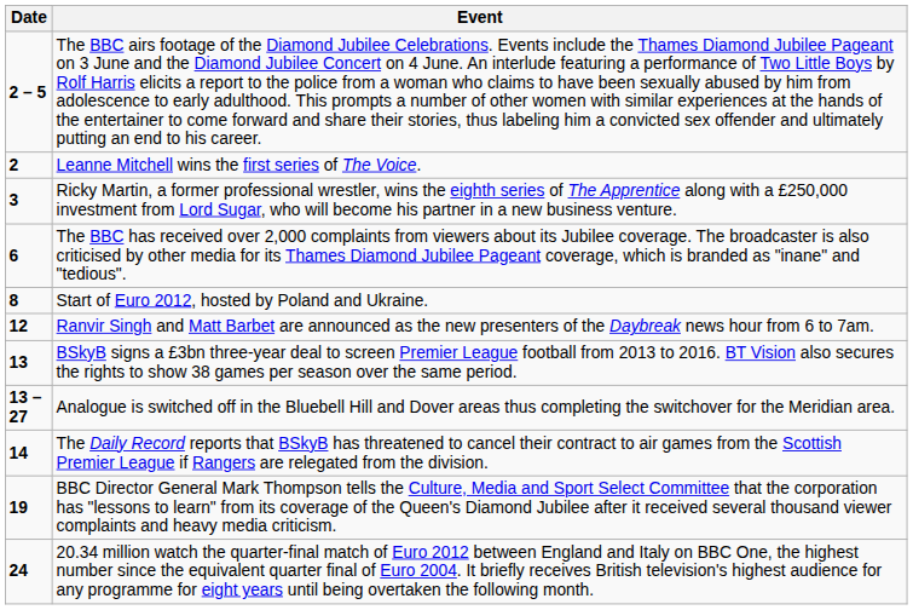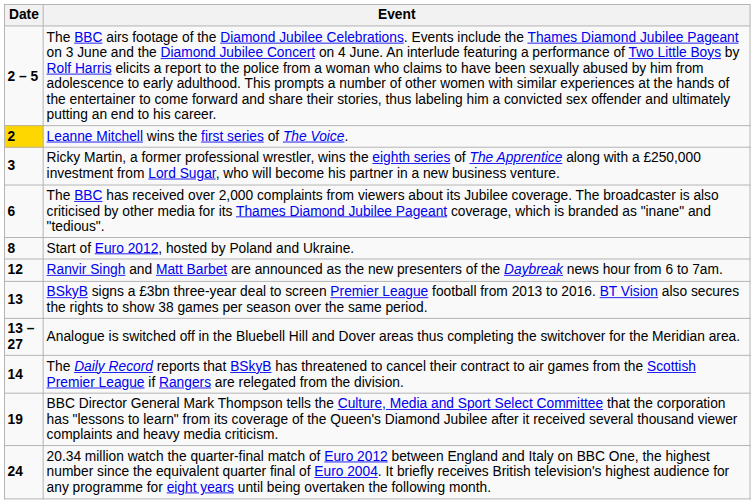 <table class="wikitable">
 <tr>
 <th>Date</th>
 <th>Event</th>
 </tr>
 <tr>
 <td><strong>2 – 5</strong></td>
 <td>The <a href='#'>BBC</a> airs footage of the <a href='#'>Diamond Jubilee Celebrations</a>. Events include the <a href='#'>Thames Diamond Jubilee Pageant</a> on 3 June and the <a href='#'>Diamond Jubilee Concert</a> on 4 June. An interlude featuring a performance of <a href='#'>Two Little Boys</a> by <a href='#'>Rolf Harris</a> elicits a report to the police from a woman who claims to have been sexually abused by him from adolescence to early adulthood. This prompts a number of other women with similar experiences at the hands of the entertainer to come forward and share their stories, thus labeling him a convicted sex offender and ultimately putting an end to his career.</td>
 </tr>
 <tr>
-<td><strong>2</strong></td>
+<td style="background: gold;"><strong>2</strong></td>
 <td><a href='#'>Leanne Mitchell</a> wins the <a href='#'>first series</a> of <em><a href='#'>The Voice</a></em>.</td>
 </tr>
 <tr>
 <td><strong>3</strong></td>
 <td>Ricky Martin, a former professional wrestler, wins the <a href='#'>eighth series</a> of <em><a href='#'>The Apprentice</a></em> along with a £250,000 investment from <a href='#'>Lord Sugar</a>, who will become his partner in a new business venture.</td>
 </tr>
 <tr>
 <td><strong>6</strong></td>
 <td>The <a href='#'>BBC</a> has received over 2,000 complaints from viewers about its Jubilee coverage. The broadcaster is also criticised by other media for its <a href='#'>Thames Diamond Jubilee Pageant</a> coverage, which is branded as "inane" and "tedious".</td>
 </tr>
 <tr>
 <td><strong>8</strong></td>
 <td>Start of <a href='#'>Euro 2012</a>, hosted by Poland and Ukraine.</td>
 </tr>
 <tr>
 <td><strong>12</strong></td>
 <td><a href='#'>Ranvir Singh</a> and <a href='#'>Matt Barbet</a> are announced as the new presenters of the <em><a href='#'>Daybreak</a></em> news hour from 6 to 7am.</td>
 </tr>
 <tr>
 <td><strong>13</strong></td>
 <td><a href='#'>BSkyB</a> signs a £3bn three-year deal to screen <a href='#'>Premier League</a> football from 2013 to 2016. <a href='#'>BT Vision</a> also secures the rights to show 38 games per season over the same period.</td>
 </tr>
 <tr>
 <td><strong>13 – 27</strong></td>
 <td>Analogue is switched off in the Bluebell Hill and Dover areas thus completing the switchover for the Meridian area.</td>
 </tr>
 <tr>
 <td><strong>14</strong></td>
 <td>The <em><a href='#'>Daily Record</a></em> reports that <a href='#'>BSkyB</a> has threatened to cancel their contract to air games from the <a href='#'>Scottish Premier League</a> if <a href='#'>Rangers</a> are relegated from the division.</td>
 </tr>
 <tr>
 <td><strong>19</strong></td>
 <td>BBC Director General Mark Thompson tells the <a href='#'>Culture, Media and Sport Select Committee</a> that the corporation has "lessons to learn" from its coverage of the Queen's Diamond Jubilee after it received several thousand viewer complaints and heavy media criticism.</td>
 </tr>
 <tr>
 <td><strong>24</strong></td>
 <td>20.34 million watch the quarter-final match of <a href='#'>Euro 2012</a> between England and Italy on BBC One, the highest number since the equivalent quarter final of <a href='#'>Euro 2004</a>. It briefly receives British television's highest audience for any programme for <a href='#'>eight years</a> until being overtaken the following month.</td>
 </tr>
 </table>
